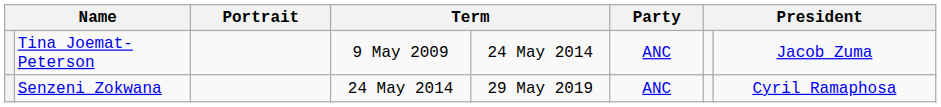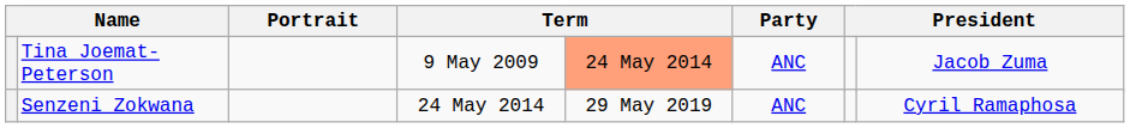 <table class="wikitable" width=60%>
 <tr>
 <th colspan=2 width=20%>Name</th>
 <th width=75>Portrait</th>
 <th colspan=2 width=30%>Term</th>
 <th width=10%>Party</th>
 <th colspan=2 width=25%>President</th>
 </tr>
 <tr style="text-align:center">
 <th style="width:1%;background-color: "></th>
 <td align=left><a href='#'>Tina Joemat-Peterson</a></td>
 <td></td>
 <td>9 May 2009</td>
-<td>24 May 2014</td>
+<td style="background: lightsalmon;">24 May 2014</td>
 <td rowspan="2"><a href='#'>ANC</a></td>
 <td rowspan="2" style="width:1%;background-color: "></td>
 <td rowspan=2><a href='#'>Jacob Zuma</a><br> </td>
 </tr>
 <tr style="text-align:center">
 <th rowspan="2" style="width:1%;background-color: "></th>
 <td rowspan="2" align=left><a href='#'>Senzeni Zokwana</a></td>
 <td rowspan="2"></td>
 <td rowspan="2">24 May 2014</td>
 <td rowspan="2">29 May 2019</td>
 </tr>
 <tr style="text-align:center">
 <td><a href='#'>ANC</a></td>
 <td style="width:1%;background-color: "></td>
 <td><a href='#'>Cyril Ramaphosa</a> </td>
 </tr>
 </table>
